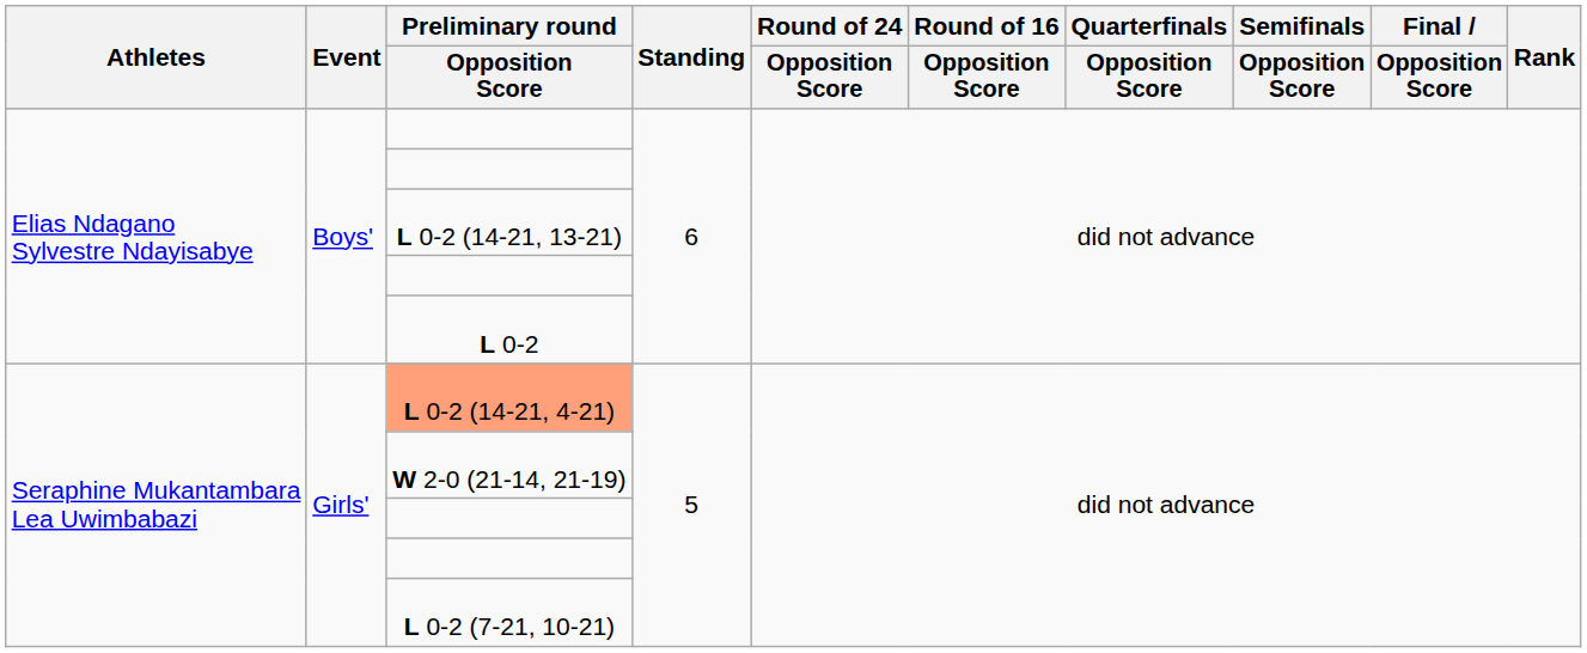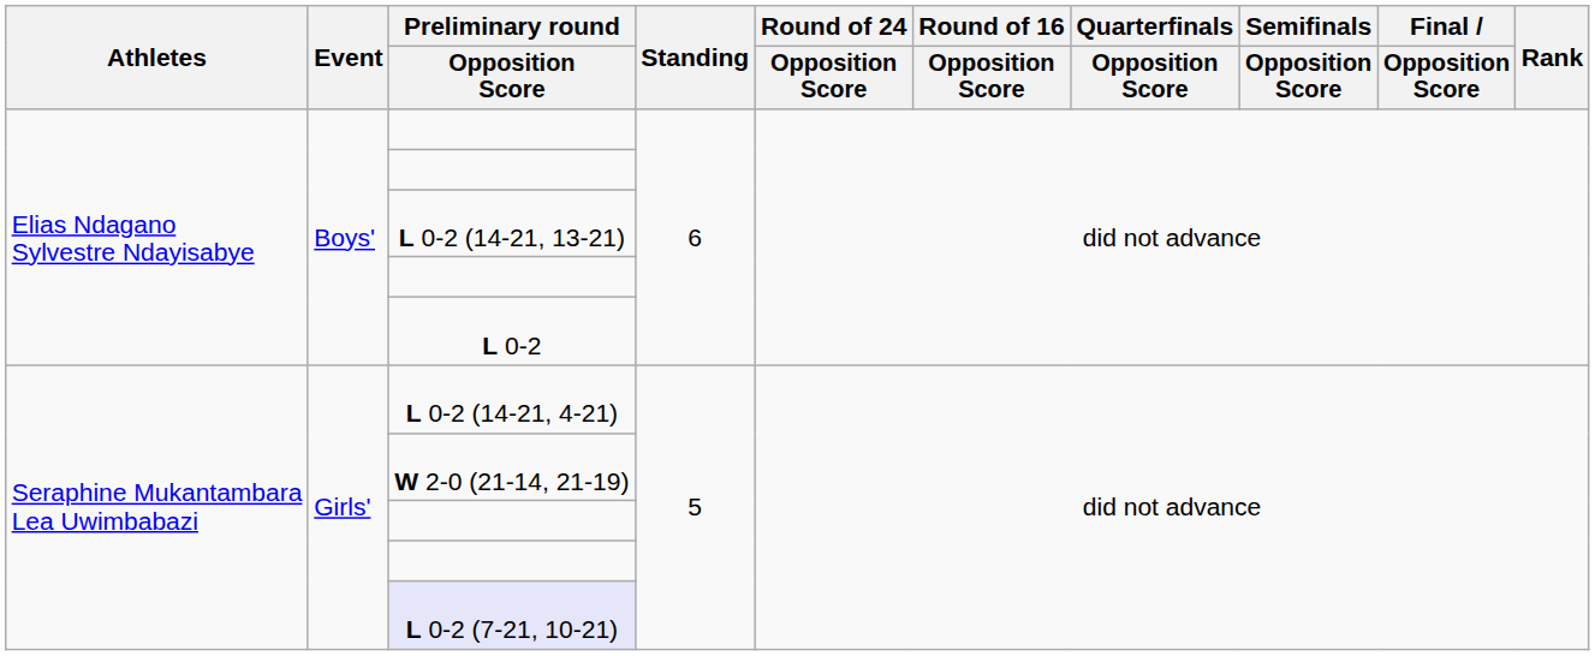 <table class=wikitable style="font-size:90%">
 <tr>
 <th rowspan="2">Athletes</th>
 <th rowspan="2">Event</th>
 <th>Preliminary round</th>
 <th rowspan="2">Standing</th>
 <th>Round of 24</th>
 <th>Round of 16</th>
 <th>Quarterfinals</th>
 <th>Semifinals</th>
 <th>Final / </th>
 <th rowspan=2>Rank</th>
 </tr>
 <tr style="font-size:95%">
 <th>Opposition<br>Score</th>
 <th>Opposition<br>Score</th>
 <th>Opposition<br>Score</th>
 <th>Opposition<br>Score</th>
 <th>Opposition<br>Score</th>
 <th>Opposition<br>Score</th>
 </tr>
 <tr align=center>
 <td align=left rowspan=5><a href='#'>Elias Ndagano</a><br><a href='#'>Sylvestre Ndayisabye</a></td>
 <td align=left rowspan=5><a href='#'>Boys'</a></td>
 <td><br></td>
 <td rowspan=5>6</td>
 <td rowspan=5 colspan=6>did not advance</td>
 </tr>
 <tr align=center>
 <td><br></td>
 </tr>
 <tr align=center>
 <td><br><strong>L</strong> 0-2 (14-21, 13-21)</td>
 </tr>
 <tr align=center>
 <td><br></td>
 </tr>
 <tr align=center>
 <td><br><strong>L</strong> 0-2</td>
 </tr>
 <tr align=center>
 <td align=left rowspan=5><a href='#'>Seraphine Mukantambara</a><br><a href='#'>Lea Uwimbabazi</a></td>
 <td align=left rowspan=5><a href='#'>Girls'</a></td>
-<td style="background: lightsalmon;"><br><strong>L</strong> 0-2 (14-21, 4-21)</td>
+<td><br><strong>L</strong> 0-2 (14-21, 4-21)</td>
 <td rowspan=5>5</td>
 <td rowspan=5 colspan=6>did not advance</td>
 </tr>
 <tr align=center>
 <td><br><strong>W</strong> 2-0 (21-14, 21-19)</td>
 </tr>
 <tr align=center>
 <td><br></td>
 </tr>
 <tr align=center>
 <td><br></td>
 </tr>
 <tr align=center>
-<td><br><strong>L</strong> 0-2 (7-21, 10-21)</td>
+<td style="background: lavender;"><br><strong>L</strong> 0-2 (7-21, 10-21)</td>
 </tr>
 </table>
